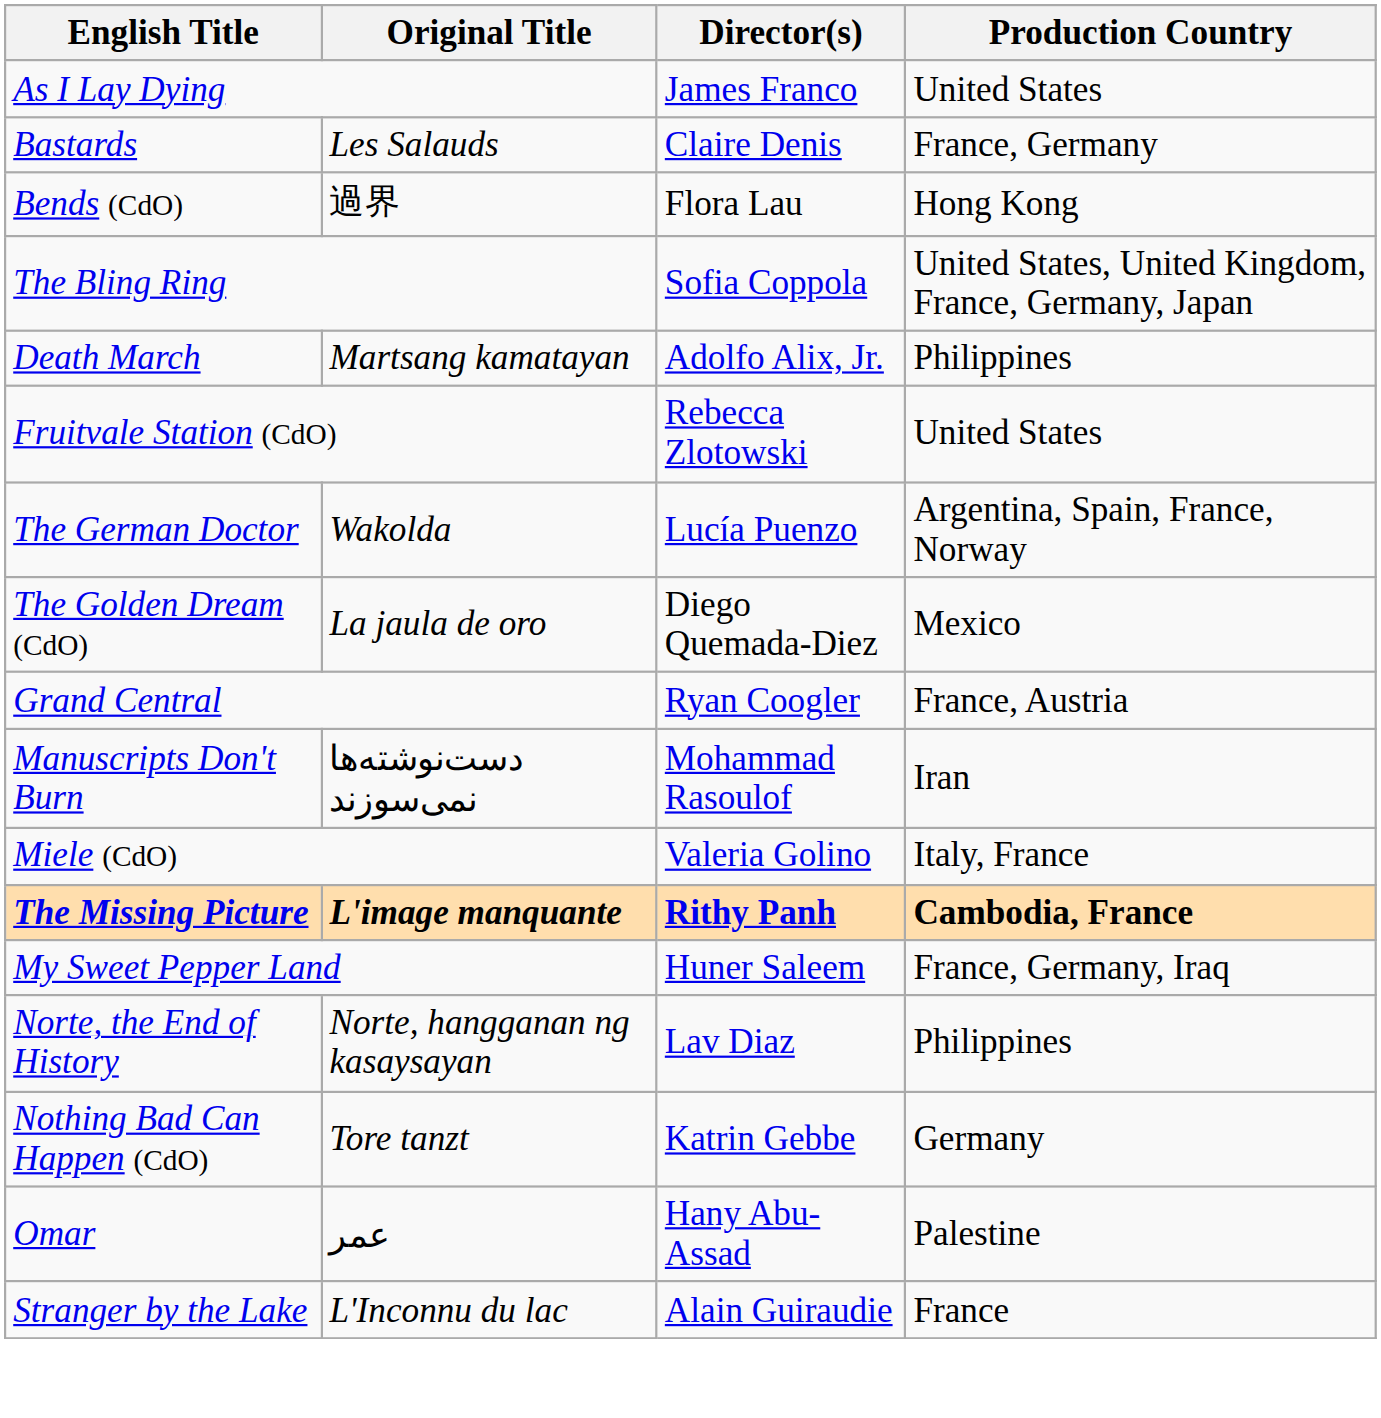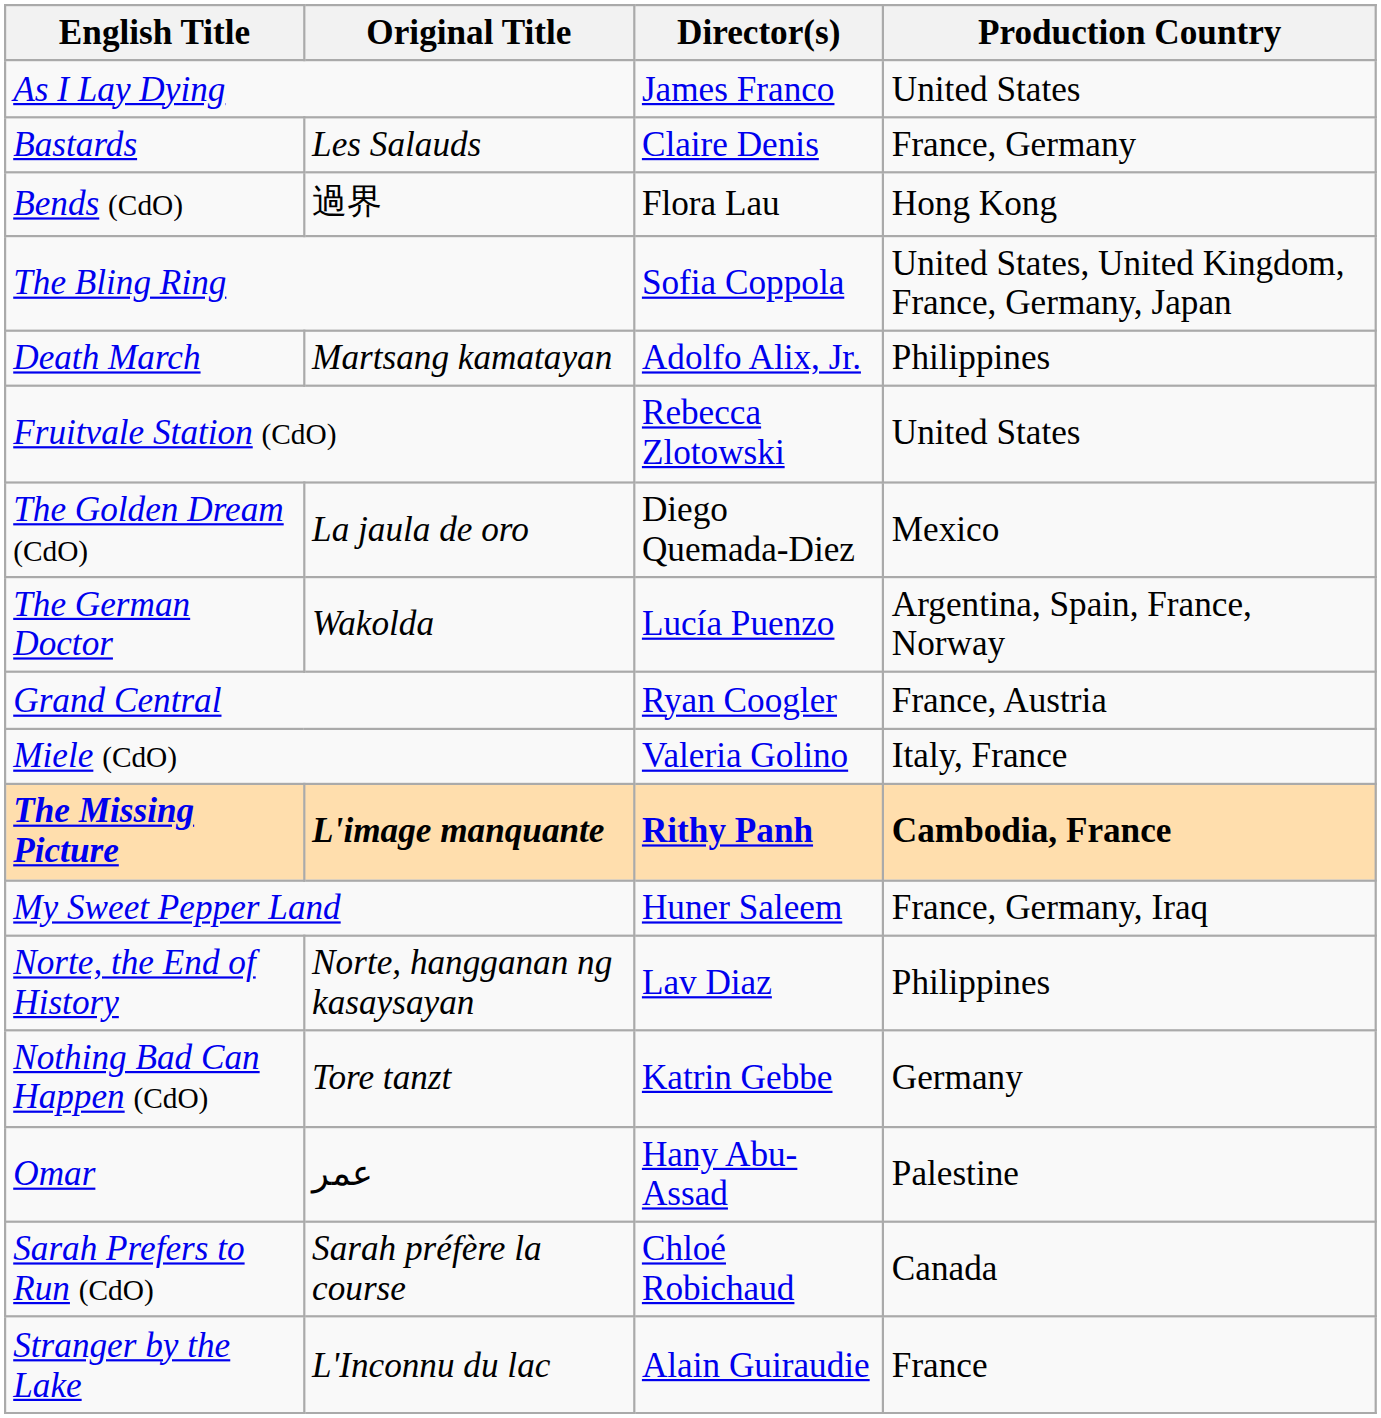 <table class="wikitable" style="width:100%; margin-bottom:2px" cellpadding="5">
 <tr>
 <th scope="col">English Title</th>
 <th scope="col">Original Title</th>
 <th scope="col">Director(s)</th>
 <th scope="col">Production Country</th>
 </tr>
 <tr>
 <td colspan=2><em><a href='#'>As I Lay Dying</a></em></td>
 <td data-sort-value="Franco"><a href='#'>James Franco</a></td>
 <td>United States</td>
 </tr>
 <tr>
 <td><em><a href='#'>Bastards</a></em></td>
 <td data-sort-value="Salauds"><em>Les Salauds</em></td>
 <td data-sort-value="Denis"><a href='#'>Claire Denis</a></td>
 <td>France, Germany</td>
 </tr>
 <tr>
 <td><em><a href='#'>Bends</a></em> <small>(CdO)</small></td>
 <td>過界</td>
 <td data-sort-value="Lau">Flora Lau</td>
 <td>Hong Kong</td>
 </tr>
 <tr>
 <td colspan=2 data-sort-value="Bling"><em><a href='#'>The Bling Ring</a></em></td>
 <td data-sort-value="Coppola"><a href='#'>Sofia Coppola</a></td>
 <td>United States, United Kingdom, France, Germany, Japan</td>
 </tr>
 <tr>
 <td><em><a href='#'>Death March</a></em></td>
 <td><em>Martsang kamatayan</em></td>
 <td data-sort-value="Alix"><a href='#'>Adolfo Alix, Jr.</a></td>
 <td>Philippines</td>
 </tr>
 <tr>
 <td colspan=2><em><a href='#'>Fruitvale Station</a></em> <small>(CdO)</small></td>
 <td data-sort-value="Zlotowski"><a href='#'>Rebecca Zlotowski</a></td>
 <td>United States</td>
 </tr>
 <tr>
+<td data-sort-value="Golden"><em><a href='#'>The Golden Dream</a></em> <small>(CdO)</small></td>
+<td data-sort-value="Jaula"><em>La jaula de oro</em></td>
+<td data-sort-value="Quemada">Diego Quemada-Diez</td>
+<td>Mexico</td>
+</tr>
+<tr>
 <td data-sort-value="German"><em><a href='#'>The German Doctor</a></em></td>
 <td><em>Wakolda</em></td>
 <td data-sort-value="Puenzo"><a href='#'>Lucía Puenzo</a></td>
 <td>Argentina, Spain, France, Norway</td>
 </tr>
 <tr>
-<td data-sort-value="Golden"><em><a href='#'>The Golden Dream</a></em> <small>(CdO)</small></td>
-<td data-sort-value="Jaula"><em>La jaula de oro</em></td>
-<td data-sort-value="Quemada">Diego Quemada-Diez</td>
-<td>Mexico</td>
-</tr>
-<tr>
 <td colspan=2><em><a href='#'>Grand Central</a></em></td>
 <td data-sort-value="Coogler"><a href='#'>Ryan Coogler</a></td>
 <td>France, Austria</td>
-</tr>
-<tr>
-<td><em><a href='#'>Manuscripts Don't Burn</a></em></td>
-<td>دست‌نوشته‌ها نمی‌سوزند</td>
-<td data-sort-value="Rasoulof"><a href='#'>Mohammad Rasoulof</a></td>
-<td>Iran</td>
 </tr>
 <tr>
 <td colspan=2><em><a href='#'>Miele</a></em> <small>(CdO)</small></td>
 <td data-sort-value="Golino"><a href='#'>Valeria Golino</a></td>
 <td>Italy, France</td>
 </tr>
 <tr style="background:#FFDEAD;">
 <td data-sort-value="Missing"><strong><em><a href='#'>The Missing Picture</a></em></strong></td>
 <td data-sort-value="Image"><strong><em>L'image manquante</em></strong></td>
 <td data-sort-value="Panh"><strong><a href='#'>Rithy Panh</a></strong></td>
 <td><strong>Cambodia, France</strong></td>
 </tr>
 <tr>
 <td colspan=2><em><a href='#'>My Sweet Pepper Land</a></em></td>
 <td data-sort-value="Saleem"><a href='#'>Huner Saleem</a></td>
 <td>France, Germany, Iraq</td>
 </tr>
 <tr>
 <td><em><a href='#'>Norte, the End of History</a></em></td>
 <td><em>Norte, hangganan ng kasaysayan</em></td>
 <td data-sort-value="Diaz"><a href='#'>Lav Diaz</a></td>
 <td>Philippines</td>
 </tr>
 <tr>
 <td><em><a href='#'>Nothing Bad Can Happen</a></em> <small>(CdO)</small></td>
 <td><em>Tore tanzt</em></td>
 <td data-sort-value="Gebbe"><a href='#'>Katrin Gebbe</a></td>
 <td>Germany</td>
 </tr>
 <tr>
 <td><em><a href='#'>Omar</a></em></td>
 <td>عمر</td>
 <td data-sort-value="Abu-Assad"><a href='#'>Hany Abu-Assad</a></td>
 <td>Palestine</td>
 </tr>
 <tr>
+<td><em><a href='#'>Sarah Prefers to Run</a></em> <small>(CdO)</small></td>
+<td><em>Sarah préfère la course</em></td>
+<td data-sort-value="Robichaud"><a href='#'>Chloé Robichaud</a></td>
+<td>Canada</td>
+</tr>
+<tr>
 <td><em><a href='#'>Stranger by the Lake</a></em></td>
 <td data-sort-value="Inconnu"><em>L'Inconnu du lac</em></td>
 <td data-sort-value="Guiraudie"><a href='#'>Alain Guiraudie</a></td>
 <td>France</td>
 </tr>
 </table>
